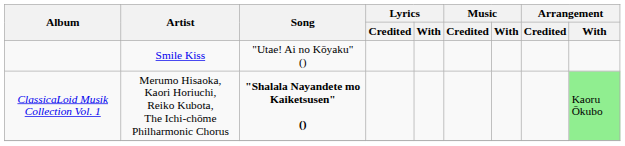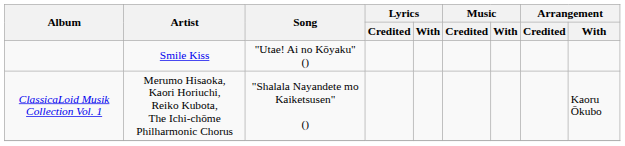 <table class="wikitable">
 <tr>
 <th rowspan="2">Album</th>
 <th rowspan="2">Artist</th>
 <th rowspan="2">Song</th>
 <th colspan="2">Lyrics</th>
 <th colspan="2">Music</th>
 <th colspan="2">Arrangement</th>
 </tr>
 <tr>
 <th>Credited</th>
 <th>With</th>
 <th>Credited</th>
 <th>With</th>
 <th>Credited</th>
 <th>With</th>
 </tr>
 <tr>
 <td></td>
 <td align="center"><a href='#'>Smile Kiss</a></td>
 <td align="center">"Utae! Ai no Kōyaku"<br>()</td>
 <td></td>
 <td></td>
 <td></td>
 <td></td>
 <td></td>
 <td></td>
 </tr>
 <tr>
 <td align="center"><em><a href='#'>ClassicaLoid Musik Collection Vol. 1</a></em></td>
 <td align="center">Merumo Hisaoka,<br>Kaori Horiuchi,<br>Reiko Kubota,<br>The Ichi-chōme Philharmonic Chorus</td>
-<td align="center"><strong>"Shalala Nayandete mo Kaiketsusen"<br><br>()</strong></td>
+<td align="center">"Shalala Nayandete mo Kaiketsusen"<br><br>()</td>
 <td></td>
 <td></td>
 <td></td>
 <td></td>
 <td></td>
-<td style="background: lightgreen;">Kaoru Ōkubo</td>
+<td>Kaoru Ōkubo</td>
 </tr>
 <tr>
 </tr>
 </table>
